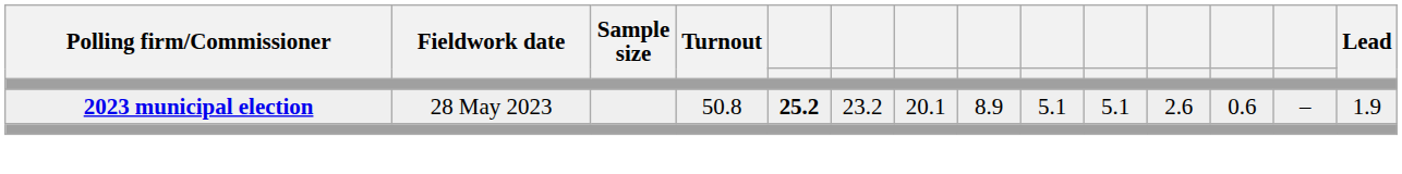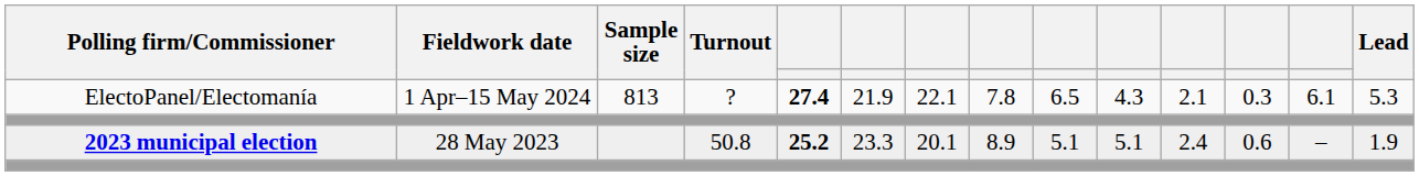 <table class="wikitable collapsible collapsed" style="text-align:center; font-size:95%; line-height:16px;">
 <tr style="height:42px;">
 <th style="width:250px;" rowspan="2">Polling firm/Commissioner</th>
 <th style="width:125px;" rowspan="2">Fieldwork date</th>
 <th style="width:50px;" rowspan="2">Sample size</th>
 <th style="width:45px;" rowspan="2">Turnout</th>
 <th style="width:35px;"></th>
 <th style="width:35px;"></th>
 <th style="width:35px;"></th>
 <th style="width:35px;"></th>
 <th style="width:35px;"></th>
 <th style="width:35px;"></th>
 <th style="width:35px;"><br></th>
 <th style="width:35px;"></th>
 <th style="width:35px;"></th>
 <th style="width:30px;" rowspan="2">Lead</th>
 </tr>
 <tr>
 <th style="color:inherit;background:"></th>
 <th style="color:inherit;background:"></th>
 <th style="color:inherit;background:"></th>
 <th style="color:inherit;background:"></th>
 <th style="color:inherit;background:"></th>
 <th style="color:inherit;background:"></th>
 <th style="color:inherit;background:"></th>
 <th style="color:inherit;background:"></th>
 <th style="color:inherit;background:"></th>
 </tr>
 <tr>
+<td>ElectoPanel/Electomanía</td>
+<td>1 Apr–15 May 2024</td>
+<td>813</td>
+<td>?</td>
+<td><strong>27.4</strong><br></td>
+<td>21.9<br></td>
+<td>22.1<br></td>
+<td>7.8<br></td>
+<td>6.5<br></td>
+<td>4.3<br></td>
+<td>2.1<br></td>
+<td>0.3<br></td>
+<td>6.1<br></td>
+<td style="background:">5.3</td>
+</tr>
+<tr>
 <td colspan="14" style="background:#A0A0A0"></td>
 </tr>
 <tr style="background:#EFEFEF;">
 <td><strong><a href='#'>2023 municipal election</a></strong></td>
 <td>28 May 2023</td>
 <td></td>
 <td>50.8</td>
 <td><strong>25.2</strong><br></td>
-<td>23.2<br></td>
+<td>23.3<br></td>
 <td>20.1<br></td>
 <td>8.9<br></td>
 <td>5.1<br></td>
 <td>5.1<br></td>
-<td>2.6<br></td>
+<td>2.4<br></td>
 <td>0.6<br></td>
 <td>–</td>
 <td style="background:">1.9</td>
 </tr>
 <tr>
 <td colspan="14" style="background:#A0A0A0"></td>
 </tr>
 </table>
